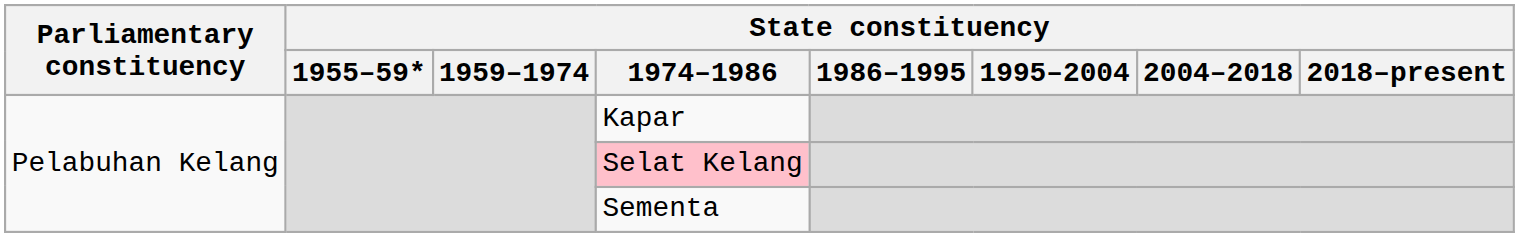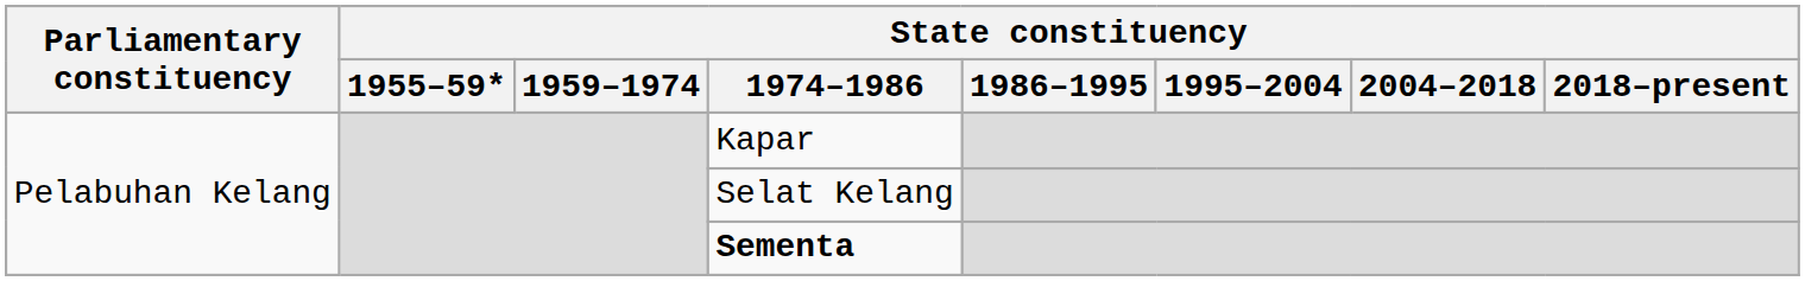 <table class="wikitable">
 <tr>
 <th rowspan="2">Parliamentary<br>constituency</th>
 <th colspan="7">State constituency</th>
 </tr>
 <tr>
 <th>1955–59*</th>
 <th>1959–1974</th>
 <th>1974–1986</th>
 <th>1986–1995</th>
 <th>1995–2004</th>
 <th>2004–2018</th>
 <th>2018–present</th>
 </tr>
 <tr>
 <td rowspan="3">Pelabuhan Kelang</td>
 <td colspan="2" rowspan="3" bgcolor="dcdcdc"></td>
 <td>Kapar</td>
 <td colspan="4" bgcolor="dcdcdc"></td>
 </tr>
 <tr>
-<td style="background: pink;">Selat Kelang</td>
+<td>Selat Kelang</td>
 <td colspan="4" bgcolor="dcdcdc"></td>
 </tr>
 <tr>
-<td>Sementa</td>
+<td><strong>Sementa</strong></td>
 <td colspan="4" bgcolor="dcdcdc"></td>
 </tr>
 </table>
